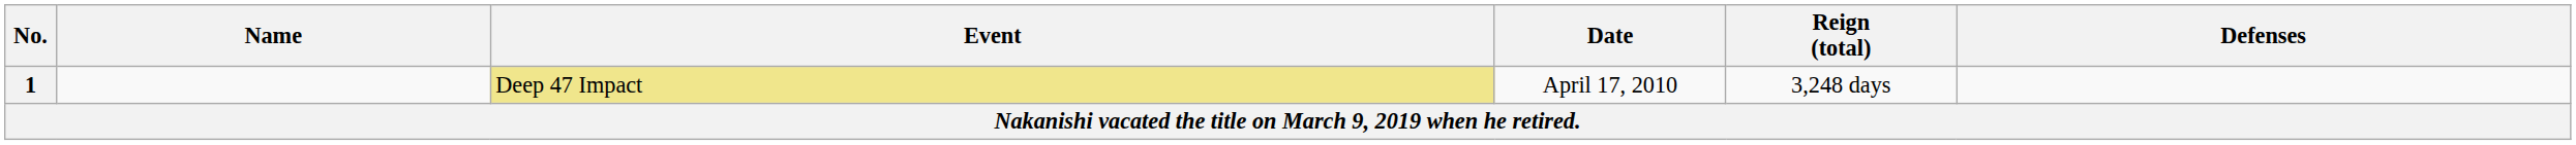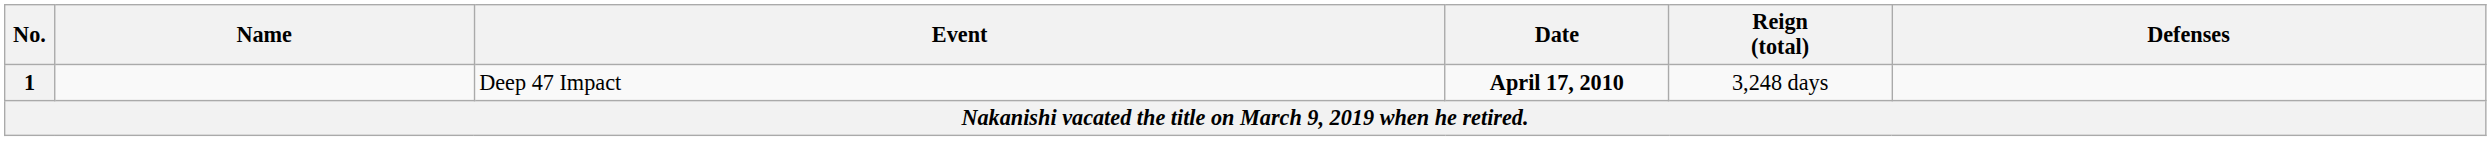 <table class="wikitable" style="width:90%;">
 <tr>
 <th style="width:2%;">No.</th>
 <th>Name</th>
 <th>Event</th>
 <th style="width:9%;">Date</th>
 <th style="width:9%;">Reign<br>(total)</th>
 <th>Defenses</th>
 </tr>
 <tr>
 <th>1</th>
 <td><br></td>
-<td style="background: khaki;">Deep 47 Impact<br></td>
-<td align=center>April 17, 2010</td>
+<td>Deep 47 Impact<br></td>
+<td align=center><strong>April 17, 2010</strong></td>
 <td align=center>3,248 days</td>
 <td><br></td>
 </tr>
 <tr>
 <th colspan=6 align=center><em>Nakanishi vacated the title on March 9, 2019 when he retired.</em></th>
 </tr>
 </table>
